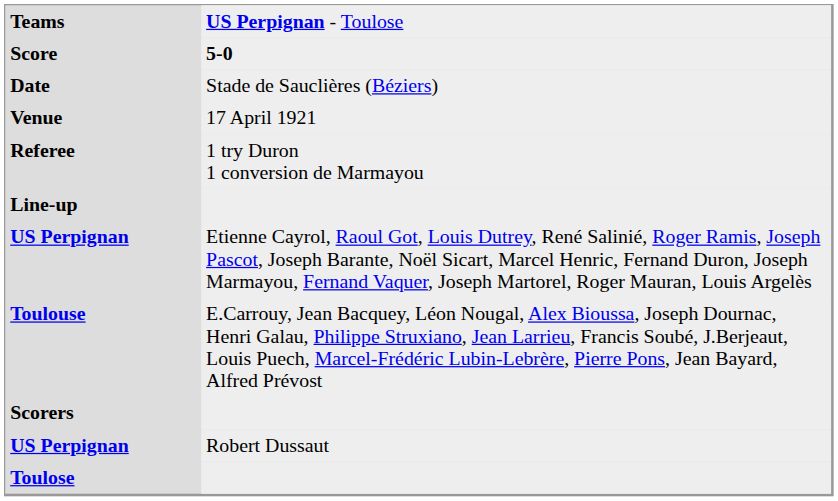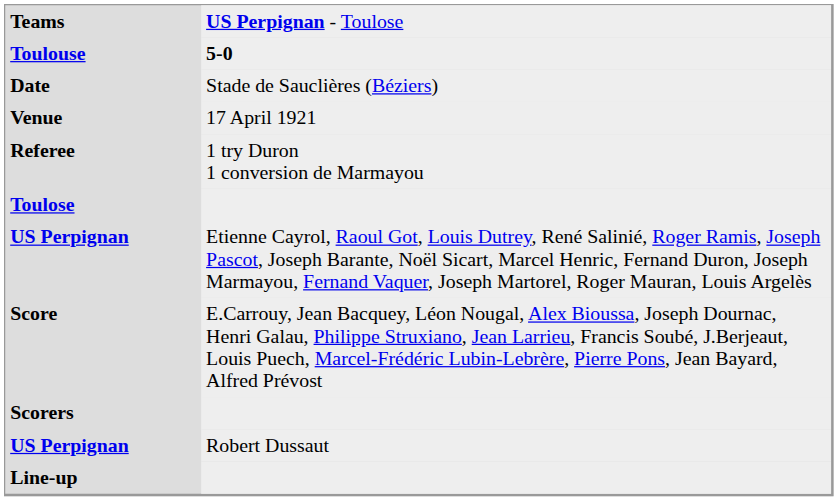 <table align="left" cellpadding="4" cellspacing="0"  style="margin: 0 0 0 0; border: 1px solid #999; border-right-width: 2px; border-bottom-width: 2px; background-color: #DDDDDD">
 <tr>
 <td width="150" valign="top"><strong>Teams</strong></td>
 <td width="500" bgcolor=#EEEEEE><strong><a href='#'>US Perpignan</a></strong> - <a href='#'>Toulose</a></td>
 </tr>
 <tr>
-<td valign="top"><strong>Score</strong></td>
+<td valign="top"><strong><a href='#'>Toulouse</a> </strong></td>
 <td bgcolor=#EEEEEE><strong>5-0</strong></td>
 </tr>
 <tr>
 <td valign="top"><strong>Date</strong></td>
 <td bgcolor=#EEEEEE>Stade de Sauclières (<a href='#'>Béziers</a>)</td>
 </tr>
 <tr>
 <td valign="top"><strong>Venue</strong></td>
 <td bgcolor=#EEEEEE>17 April 1921</td>
 </tr>
 <tr>
 <td valign="top"><strong>Referee</strong></td>
 <td bgcolor=#EEEEEE>1 try Duron<br>1 conversion de Marmayou</td>
 </tr>
 <tr>
-<td valign="top"><strong>Line-up</strong></td>
+<td valign="top"><strong><a href='#'>Toulose</a> </strong></td>
 <td bgcolor=#EEEEEE></td>
 </tr>
 <tr>
 <td valign="top"><strong> <a href='#'>US Perpignan</a> </strong></td>
 <td bgcolor=#EEEEEE>Etienne Cayrol, <a href='#'>Raoul Got</a>, <a href='#'>Louis Dutrey</a>, René Salinié, <a href='#'>Roger Ramis</a>, <a href='#'>Joseph Pascot</a>, Joseph Barante, Noël Sicart, Marcel Henric, Fernand Duron, Joseph Marmayou, <a href='#'>Fernand Vaquer</a>, Joseph Martorel, Roger Mauran, Louis Argelès</td>
 </tr>
 <tr>
-<td valign="top"><strong><a href='#'>Toulouse</a> </strong></td>
+<td valign="top"><strong>Score</strong></td>
 <td bgcolor=#EEEEEE>E.Carrouy, Jean Bacquey, Léon Nougal, <a href='#'>Alex Bioussa</a>, Joseph Dournac, Henri Galau, <a href='#'>Philippe Struxiano</a>, <a href='#'>Jean Larrieu</a>, Francis Soubé, J.Berjeaut, Louis Puech, <a href='#'>Marcel-Frédéric Lubin-Lebrère</a>, <a href='#'>Pierre Pons</a>, Jean Bayard, Alfred Prévost</td>
 </tr>
 <tr>
 <td valign="top"><strong>Scorers</strong></td>
 <td bgcolor=#EEEEEE></td>
 </tr>
 <tr>
 <td valign="top"><strong> <a href='#'>US Perpignan</a> </strong></td>
 <td bgcolor=#EEEEEE>Robert Dussaut</td>
 </tr>
 <tr>
-<td valign="top"><strong><a href='#'>Toulose</a> </strong></td>
+<td valign="top"><strong>Line-up</strong></td>
 <td bgcolor=#EEEEEE></td>
 </tr>
 </table>
